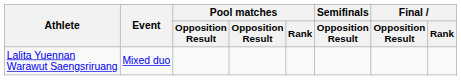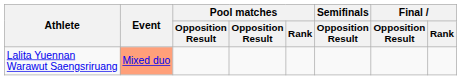 <table class="wikitable" style="font-size:90%">
 <tr>
 <th rowspan="2">Athlete</th>
 <th rowspan="2">Event</th>
 <th colspan="3">Pool matches</th>
 <th>Semifinals</th>
 <th colspan=2>Final / </th>
 </tr>
 <tr style="font-size:95%">
 <th>Opposition<br>Result</th>
 <th>Opposition<br>Result</th>
 <th>Rank</th>
 <th>Opposition<br>Result</th>
 <th>Opposition<br>Result</th>
 <th>Rank</th>
 </tr>
 <tr align=center>
 <td align=left><a href='#'>Lalita Yuennan</a> <br><a href='#'>Warawut Saengsriruang</a></td>
-<td align=left><a href='#'>Mixed duo</a></td>
+<td align=left style="background: lightsalmon;"><a href='#'>Mixed duo</a></td>
 <td></td>
 <td></td>
 <td></td>
 <td></td>
 <td></td>
 <td></td>
 </tr>
 </table>
